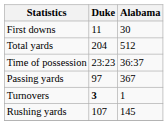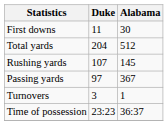 <table class="wikitable" style="float: left;">
 <tr>
 <th>Statistics</th>
 <th>Duke</th>
 <th>Alabama</th>
 </tr>
 <tr>
 <td>First downs</td>
 <td>11</td>
 <td>30</td>
 </tr>
 <tr>
 <td>Total yards</td>
 <td>204</td>
 <td>512</td>
 </tr>
 <tr>
-<td>Time of possession</td>
-<td>23:23</td>
-<td>36:37</td>
+<td>Rushing yards</td>
+<td>107</td>
+<td>145</td>
 </tr>
 <tr>
 <td>Passing yards</td>
 <td>97</td>
 <td>367</td>
 </tr>
 <tr>
 <td>Turnovers</td>
-<td><strong>3</strong></td>
+<td>3</td>
 <td>1</td>
 </tr>
 <tr>
-<td>Rushing yards</td>
-<td>107</td>
-<td>145</td>
+<td>Time of possession</td>
+<td>23:23</td>
+<td>36:37</td>
 </tr>
 <tr>
 </tr>
 </table>
